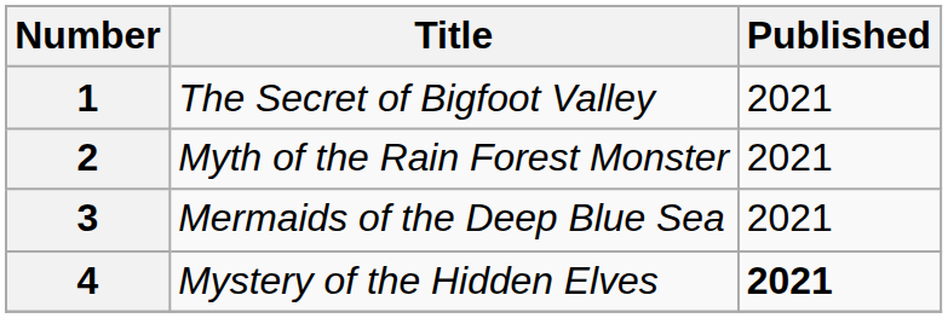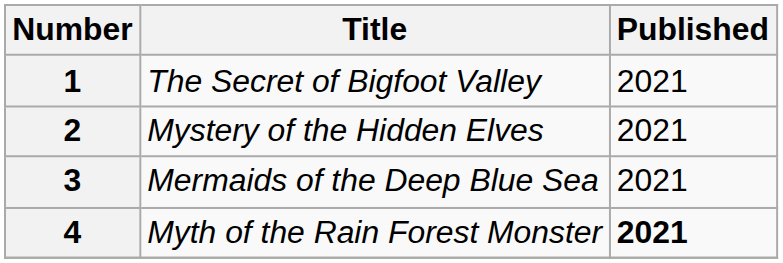 <table class="wikitable sortable">
 <tr>
 <th>Number</th>
 <th>Title</th>
 <th class="unsortable">Published</th>
 </tr>
 <tr>
 <th>1</th>
 <td><em>The Secret of Bigfoot Valley</em></td>
 <td>2021</td>
 </tr>
 <tr>
 <th>2</th>
-<td><em>Myth of the Rain Forest Monster</em></td>
+<td><em>Mystery of the Hidden Elves</em></td>
 <td>2021</td>
 </tr>
 <tr>
 <th>3</th>
 <td><em>Mermaids of the Deep Blue Sea</em></td>
 <td>2021</td>
 </tr>
 <tr>
 <th>4</th>
-<td><em>Mystery of the Hidden Elves</em></td>
+<td><em>Myth of the Rain Forest Monster</em></td>
 <td><strong>2021</strong></td>
 </tr>
 <tr>
 </tr>
 </table>
